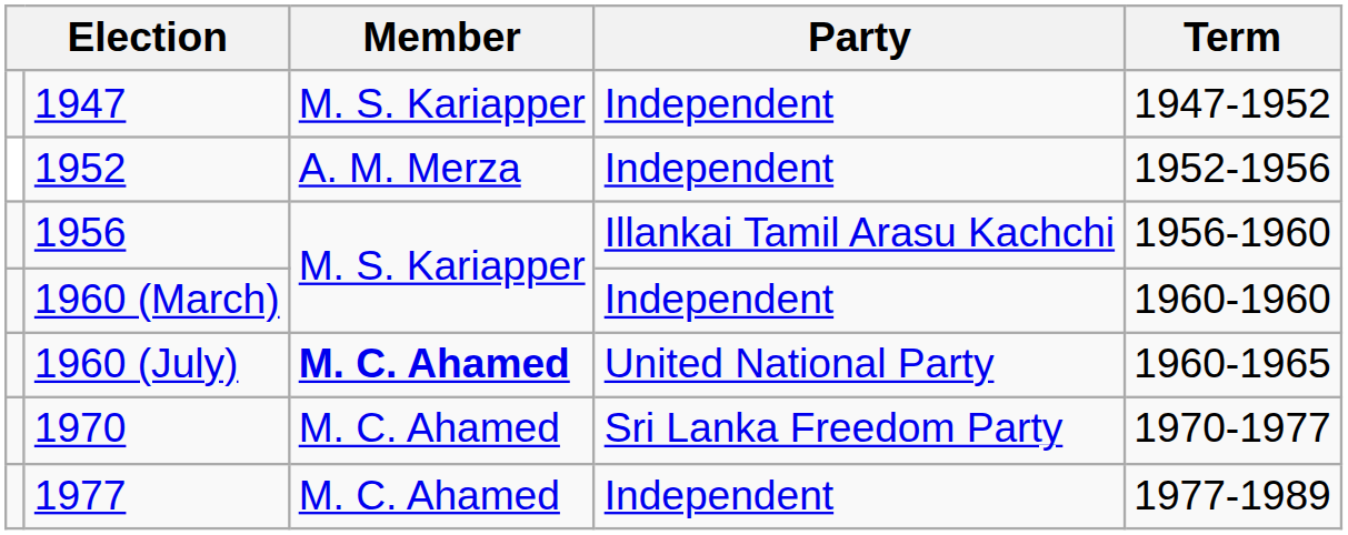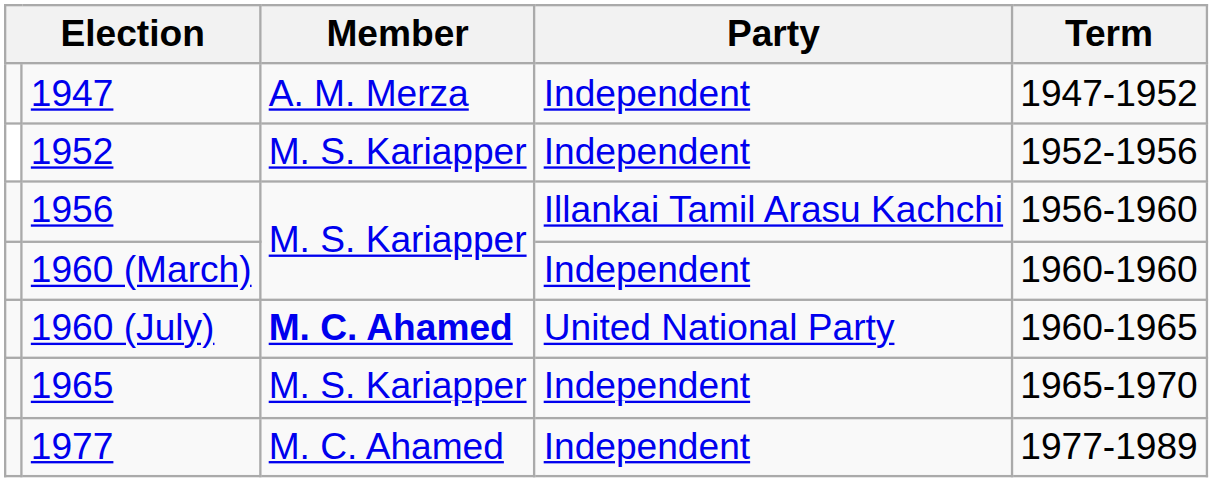 <table class="wikitable">
 <tr>
 <th colspan="2">Election</th>
 <th>Member</th>
 <th>Party</th>
 <th>Term</th>
 </tr>
 <tr>
 <td style="background-color: "></td>
 <td><a href='#'>1947</a></td>
-<td><a href='#'>M. S. Kariapper</a></td>
+<td><a href='#'>A. M. Merza</a></td>
 <td><a href='#'>Independent</a></td>
 <td>1947-1952</td>
 </tr>
 <tr>
 <td style="background-color: white"></td>
 <td><a href='#'>1952</a></td>
-<td><a href='#'>A. M. Merza</a></td>
+<td><a href='#'>M. S. Kariapper</a></td>
 <td><a href='#'>Independent</a></td>
 <td>1952-1956</td>
 </tr>
 <tr>
 <td style="background-color: "></td>
 <td><a href='#'>1956</a></td>
 <td rowspan ="2"><a href='#'>M. S. Kariapper</a></td>
 <td><a href='#'>Illankai Tamil Arasu Kachchi</a></td>
 <td>1956-1960</td>
 </tr>
 <tr>
 <td style="background-color: "></td>
 <td><a href='#'>1960 (March)</a></td>
 <td><a href='#'>Independent</a></td>
 <td>1960-1960</td>
 </tr>
 <tr>
 <td style="background-color: "></td>
 <td><a href='#'>1960 (July)</a></td>
 <td><strong><a href='#'>M. C. Ahamed</a></strong></td>
 <td><a href='#'>United National Party</a></td>
 <td>1960-1965</td>
 </tr>
 <tr>
 <td style="background-color: "></td>
-<td><a href='#'>1970</a></td>
-<td><a href='#'>M. C. Ahamed</a></td>
-<td><a href='#'>Sri Lanka Freedom Party</a></td>
-<td>1970-1977</td>
+<td><a href='#'>1965</a></td>
+<td><a href='#'>M. S. Kariapper</a></td>
+<td><a href='#'>Independent</a></td>
+<td>1965-1970</td>
 </tr>
 <tr>
 <td style="background-color: "></td>
 <td><a href='#'>1977</a></td>
 <td><a href='#'>M. C. Ahamed</a></td>
 <td><a href='#'>Independent</a></td>
 <td>1977-1989</td>
 </tr>
 </table>
